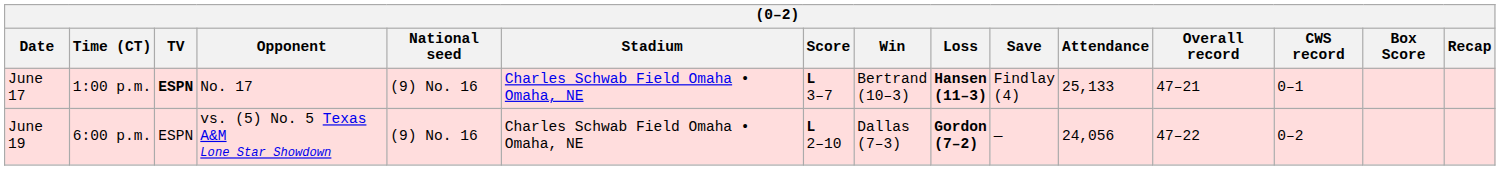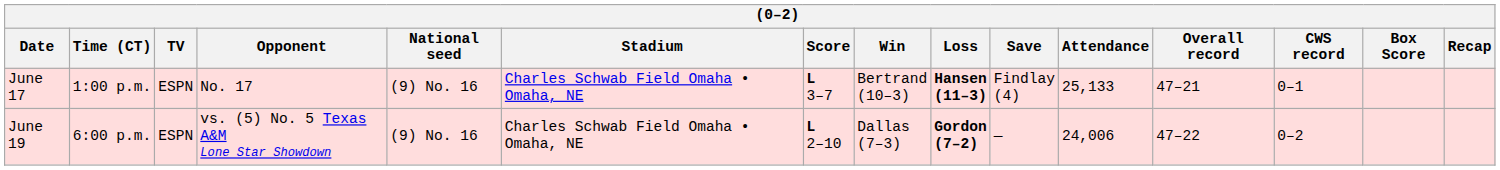 <table class="wikitable collapsible" style="margin:auto; font-size:95%; width:100%">
 <tr>
 <th colspan=15 style="padding-left:4em;"> (0–2)</th>
 </tr>
 <tr>
 <th>Date</th>
 <th>Time (CT)</th>
 <th>TV</th>
 <th>Opponent</th>
 <th>National seed</th>
 <th>Stadium</th>
 <th>Score</th>
 <th>Win</th>
 <th>Loss</th>
 <th>Save</th>
 <th>Attendance</th>
 <th>Overall record</th>
 <th>CWS record</th>
 <th>Box Score</th>
 <th>Recap</th>
 </tr>
 <tr bgcolor=#ffdddd>
 <td>June 17</td>
 <td>1:00 p.m.</td>
-<td><strong>ESPN</strong></td>
+<td>ESPN</td>
 <td>No. 17 </td>
 <td>(9) No. 16</td>
 <td><a href='#'>Charles Schwab Field Omaha</a> • <a href='#'>Omaha, NE</a></td>
 <td><strong>L</strong><br>3–7</td>
 <td>Bertrand<br>(10–3)</td>
 <td><strong>Hansen<br>(11–3)</strong></td>
 <td>Findlay<br>(4)</td>
 <td>25,133</td>
 <td>47–21</td>
 <td>0–1</td>
 <td></td>
 <td><br></td>
 </tr>
 <tr bgcolor=#ffdddd>
 <td>June 19</td>
 <td>6:00 p.m.</td>
 <td>ESPN</td>
 <td>vs. (5) No. 5 <a href='#'>Texas A&M</a><br><small><em><a href='#'>Lone Star Showdown</a></em></small></td>
 <td>(9) No. 16</td>
 <td>Charles Schwab Field Omaha • Omaha, NE</td>
 <td><strong>L</strong><br>2–10</td>
 <td>Dallas<br>(7–3)</td>
 <td><strong>Gordon<br>(7–2)</strong></td>
 <td>—</td>
-<td>24,056</td>
+<td>24,006</td>
 <td>47–22</td>
 <td>0–2</td>
 <td></td>
 <td><br></td>
 </tr>
 </table>
